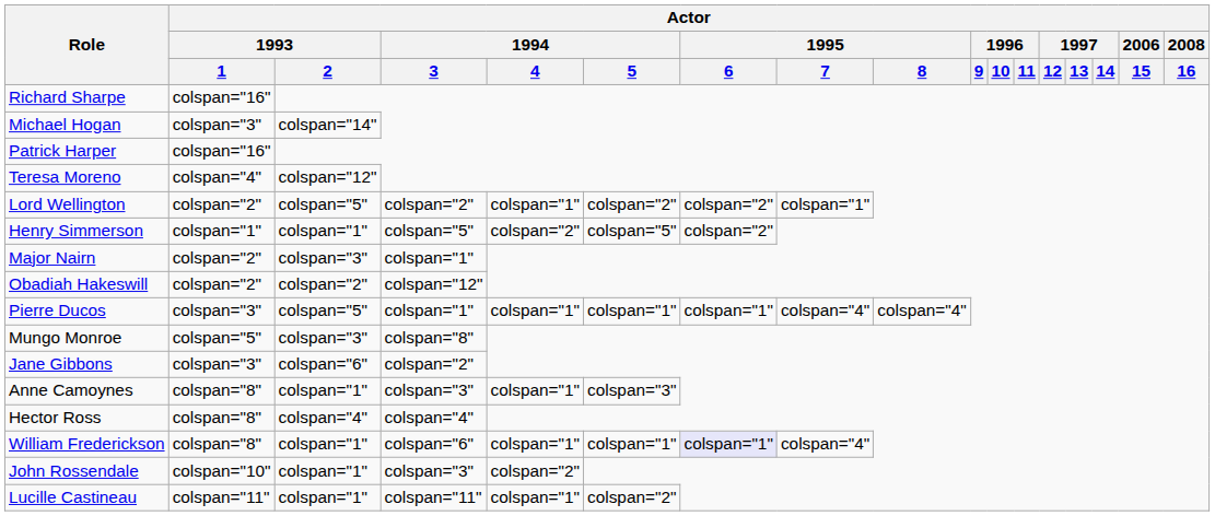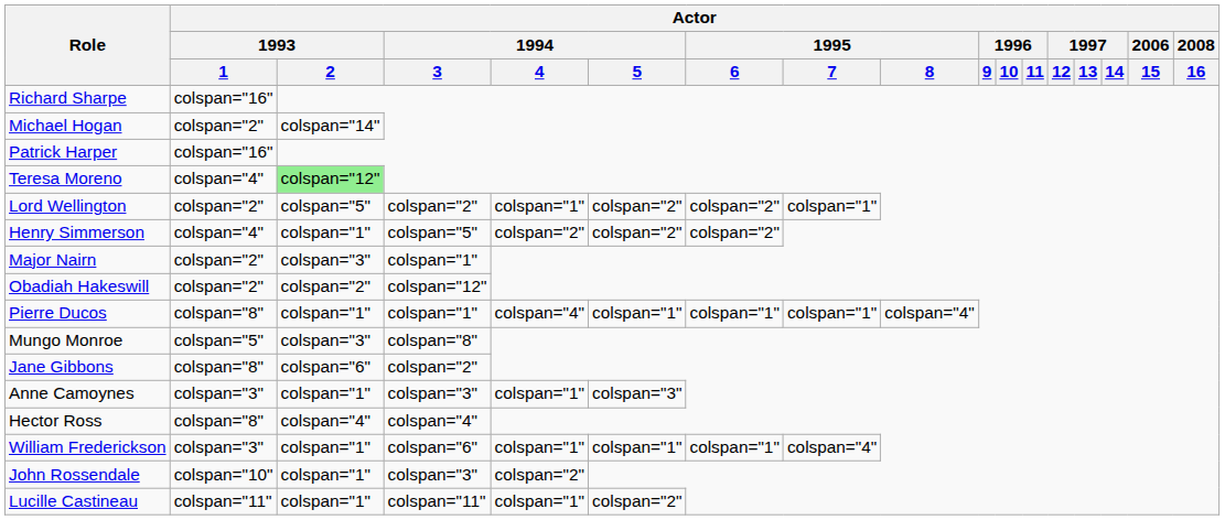 <table class="wikitable">
 <tr>
 <th rowspan="3">Role</th>
 <th colspan="16">Actor</th>
 </tr>
 <tr>
 <th colspan="2">1993</th>
 <th colspan="3">1994</th>
 <th colspan="3">1995</th>
 <th colspan="3">1996</th>
 <th colspan="3">1997</th>
 <th colspan="1">2006</th>
 <th colspan="1">2008</th>
 </tr>
 <tr>
 <th><a href='#'>1</a></th>
 <th><a href='#'>2</a></th>
 <th><a href='#'>3</a></th>
 <th><a href='#'>4</a></th>
 <th><a href='#'>5</a></th>
 <th><a href='#'>6</a></th>
 <th><a href='#'>7</a></th>
 <th><a href='#'>8</a></th>
 <th><a href='#'>9</a></th>
 <th><a href='#'>10</a></th>
 <th><a href='#'>11</a></th>
 <th><a href='#'>12</a></th>
 <th><a href='#'>13</a></th>
 <th><a href='#'>14</a></th>
 <th><a href='#'>15</a></th>
 <th><a href='#'>16</a></th>
 </tr>
 <tr>
 <td><a href='#'>Richard Sharpe</a></td>
 <td>colspan="16" </td>
 </tr>
 <tr>
 <td><a href='#'>Michael Hogan</a></td>
-<td>colspan="3" </td>
+<td>colspan="2" </td>
 <td>colspan="14" </td>
 </tr>
 <tr>
 <td><a href='#'>Patrick Harper</a></td>
 <td>colspan="16" </td>
 </tr>
 <tr>
 <td><a href='#'>Teresa Moreno</a></td>
 <td>colspan="4" </td>
-<td>colspan="12" </td>
+<td style="background: lightgreen;">colspan="12" </td>
 </tr>
 <tr>
 <td><a href='#'>Lord Wellington</a></td>
 <td>colspan="2" </td>
 <td>colspan="5" </td>
 <td>colspan="2" </td>
 <td>colspan="1" </td>
 <td>colspan="2" </td>
 <td>colspan="2" </td>
 <td>colspan="1" </td>
 </tr>
 <tr>
 <td><a href='#'>Henry Simmerson</a></td>
-<td>colspan="1" </td>
+<td>colspan="4" </td>
 <td>colspan="1" </td>
 <td>colspan="5" </td>
 <td>colspan="2" </td>
-<td>colspan="5" </td>
+<td>colspan="2" </td>
 <td>colspan="2" </td>
 </tr>
 <tr>
 <td><a href='#'>Major Nairn</a></td>
 <td>colspan="2" </td>
 <td>colspan="3" </td>
 <td>colspan="1" </td>
 </tr>
 <tr>
 <td><a href='#'>Obadiah Hakeswill</a></td>
 <td>colspan="2" </td>
 <td>colspan="2" </td>
 <td>colspan="12" </td>
 </tr>
 <tr>
 <td><a href='#'>Pierre Ducos</a></td>
-<td>colspan="3" </td>
-<td>colspan="5" </td>
+<td>colspan="8" </td>
+<td>colspan="1" </td>
+<td>colspan="1" </td>
+<td>colspan="4" </td>
 <td>colspan="1" </td>
 <td>colspan="1" </td>
 <td>colspan="1" </td>
-<td>colspan="1" </td>
-<td>colspan="4" </td>
 <td>colspan="4" </td>
 </tr>
 <tr>
 <td>Mungo Monroe</td>
 <td>colspan="5" </td>
 <td>colspan="3" </td>
 <td>colspan="8" </td>
 </tr>
 <tr>
 <td><a href='#'>Jane Gibbons</a></td>
-<td>colspan="3" </td>
+<td>colspan="8" </td>
 <td>colspan="6" </td>
 <td>colspan="2" </td>
 </tr>
 <tr>
 <td>Anne Camoynes</td>
-<td>colspan="8" </td>
+<td>colspan="3" </td>
 <td>colspan="1" </td>
 <td>colspan="3" </td>
 <td>colspan="1" </td>
 <td>colspan="3" </td>
 </tr>
 <tr>
 <td>Hector Ross</td>
 <td>colspan="8" </td>
 <td>colspan="4" </td>
 <td>colspan="4" </td>
 </tr>
 <tr>
 <td><a href='#'>William Frederickson</a></td>
-<td>colspan="8" </td>
+<td>colspan="3" </td>
 <td>colspan="1" </td>
 <td>colspan="6" </td>
 <td>colspan="1" </td>
 <td>colspan="1" </td>
-<td style="background: lavender;">colspan="1" </td>
+<td>colspan="1" </td>
 <td>colspan="4" </td>
 </tr>
 <tr>
 <td><a href='#'>John Rossendale</a></td>
 <td>colspan="10" </td>
 <td>colspan="1" </td>
 <td>colspan="3" </td>
 <td>colspan="2" </td>
 </tr>
 <tr>
 <td><a href='#'>Lucille Castineau</a></td>
 <td>colspan="11" </td>
 <td>colspan="1" </td>
 <td>colspan="11" </td>
 <td>colspan="1" </td>
 <td>colspan="2" </td>
 </tr>
 </table>
